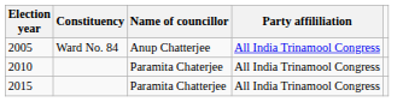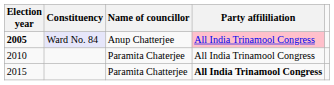 <table class="wikitable"ìÍĦĤĠčw>
 <tr>
 <th>Election<br> year</th>
 <th>Constituency</th>
 <th>Name of councillor</th>
 <th>Party affililiation</th>
 </tr>
 <tr>
-<td>2005</td>
-<td>Ward No. 84</td>
+<td><strong>2005</strong></td>
+<td style="background: lavender;">Ward No. 84</td>
 <td>Anup Chatterjee</td>
-<td><a href='#'>All India Trinamool Congress</a></td>
+<td style="background: pink;"><a href='#'>All India Trinamool Congress</a></td>
 <td></td>
 </tr>
 <tr>
 <td>2010</td>
 <td></td>
 <td>Paramita Chaterjee</td>
 <td>All India Trinamool Congress</td>
 <td></td>
 </tr>
 <tr>
 <td>2015</td>
 <td></td>
 <td>Paramita Chatterjee</td>
-<td>All India Trinamool Congress</td>
+<td><strong>All India Trinamool Congress</strong></td>
 <td></td>
 </tr>
 </table>
